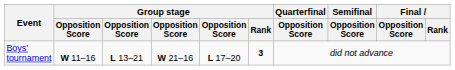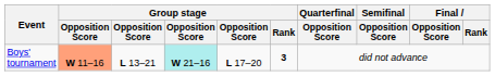 <table class="wikitable" style="font-size:90%">
 <tr>
 <th rowspan=2>Event</th>
 <th colspan=5>Group stage</th>
 <th>Quarterfinal</th>
 <th>Semifinal</th>
 <th colspan=2>Final / </th>
 </tr>
 <tr style="font-size:95%">
 <th>Opposition<br>Score</th>
 <th>Opposition<br>Score</th>
 <th>Opposition<br>Score</th>
 <th>Opposition<br>Score</th>
 <th>Rank</th>
 <th>Opposition<br>Score</th>
 <th>Opposition<br>Score</th>
 <th>Opposition<br>Score</th>
 <th>Rank</th>
 </tr>
 <tr align=center>
 <td align=left><a href='#'>Boys' tournament</a></td>
-<td><br> <strong>W</strong> 11–16</td>
+<td style="background: lightsalmon;"><br> <strong>W</strong> 11–16</td>
 <td><br> <strong>L</strong> 13–21</td>
-<td><br> <strong>W</strong> 21–16</td>
+<td style="background: paleturquoise;"><br> <strong>W</strong> 21–16</td>
 <td><br> <strong>L</strong> 17–20</td>
 <td><strong>3</strong></td>
 <td colspan=4><em>did not advance</em></td>
 </tr>
 </table>
